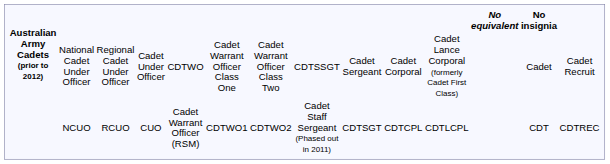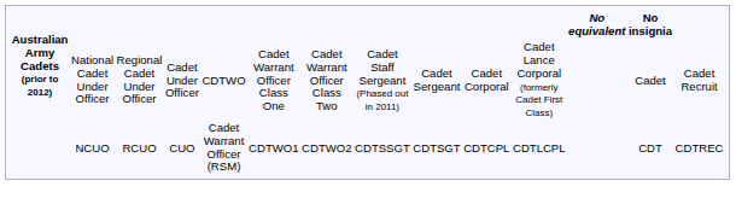 <table style="border:1px solid #8888aa; background-color:#f7f8ff; padding:5px; font-size:95%; margin: 0px 12px 12px 0px;">
 <tr style="text-align:center;">
 <th rowspan=2>Australian <br> Army <br> Cadets<br><small>(prior to 2012)</small></th>
 <td></td>
 <td></td>
 <td></td>
 <td></td>
 <td></td>
 <td></td>
 <td></td>
 <td rowspan=1></td>
 <td></td>
 <td></td>
 <td><strong><em>No equivalent</em></strong></td>
 <td><strong>No insignia</strong></td>
 </tr>
 <tr style="text-align:center;">
 <td>National Cadet Under Officer</td>
 <td>Regional Cadet Under Officer</td>
 <td>Cadet Under Officer</td>
 <td>CDTWO</td>
 <td>Cadet Warrant Officer Class One</td>
 <td>Cadet Warrant Officer Class Two</td>
-<td>CDTSSGT</td>
+<td>Cadet Staff Sergeant<br><small>(Phased out in 2011)</small></td>
 <td>Cadet Sergeant</td>
 <td>Cadet Corporal</td>
 <td>Cadet Lance Corporal<br><small>(formerly Cadet First Class)</small></td>
 <td rowspan=1></td>
 <td>Cadet</td>
 <td>Cadet Recruit</td>
 </tr>
 <tr style="text-align:center;">
 <td></td>
 <td>NCUO</td>
 <td>RCUO</td>
 <td>CUO</td>
 <td>Cadet Warrant Officer (RSM)</td>
 <td>CDTWO1</td>
 <td>CDTWO2</td>
-<td>Cadet Staff Sergeant<br><small>(Phased out in 2011)</small></td>
+<td>CDTSSGT</td>
 <td>CDTSGT</td>
 <td>CDTCPL</td>
 <td>CDTLCPL</td>
 <td></td>
 <td>CDT</td>
 <td>CDTREC</td>
 </tr>
 </table>
